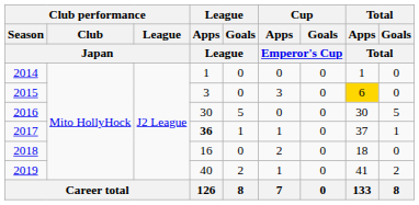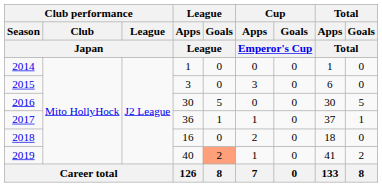 <table class="wikitable" style="text-align:center">
 <tr>
 <th colspan=3>Club performance</th>
 <th colspan=2>League</th>
 <th colspan=2>Cup</th>
 <th colspan=2>Total</th>
 </tr>
 <tr>
 <th>Season</th>
 <th>Club</th>
 <th>League</th>
 <th>Apps</th>
 <th>Goals</th>
 <th>Apps</th>
 <th>Goals</th>
 <th>Apps</th>
 <th>Goals</th>
 </tr>
 <tr>
 <th colspan=3>Japan</th>
 <th colspan=2>League</th>
 <th colspan=2><a href='#'>Emperor's Cup</a></th>
 <th colspan=2>Total</th>
 </tr>
 <tr>
 <td><a href='#'>2014</a></td>
 <td rowspan="6"><a href='#'>Mito HollyHock</a></td>
 <td rowspan="6"><a href='#'>J2 League</a></td>
 <td>1</td>
 <td>0</td>
 <td>0</td>
 <td>0</td>
 <td>1</td>
 <td>0</td>
 </tr>
 <tr>
 <td><a href='#'>2015</a></td>
 <td>3</td>
 <td>0</td>
 <td>3</td>
 <td>0</td>
-<td style="background: gold;">6</td>
+<td>6</td>
 <td>0</td>
 </tr>
 <tr>
 <td><a href='#'>2016</a></td>
 <td>30</td>
 <td>5</td>
 <td>0</td>
 <td>0</td>
 <td>30</td>
 <td>5</td>
 </tr>
 <tr>
 <td><a href='#'>2017</a></td>
-<td><strong>36</strong></td>
+<td>36</td>
 <td>1</td>
 <td>1</td>
 <td>0</td>
 <td>37</td>
 <td>1</td>
 </tr>
 <tr>
 <td><a href='#'>2018</a></td>
 <td>16</td>
 <td>0</td>
 <td>2</td>
 <td>0</td>
 <td>18</td>
 <td>0</td>
 </tr>
 <tr>
 <td><a href='#'>2019</a></td>
 <td>40</td>
-<td>2</td>
+<td style="background: lightsalmon;">2</td>
 <td>1</td>
 <td>0</td>
 <td>41</td>
 <td>2</td>
 </tr>
 <tr>
 <th colspan=3>Career total</th>
 <th>126</th>
 <th>8</th>
 <th>7</th>
 <th>0</th>
 <th>133</th>
 <th>8</th>
 </tr>
 </table>
